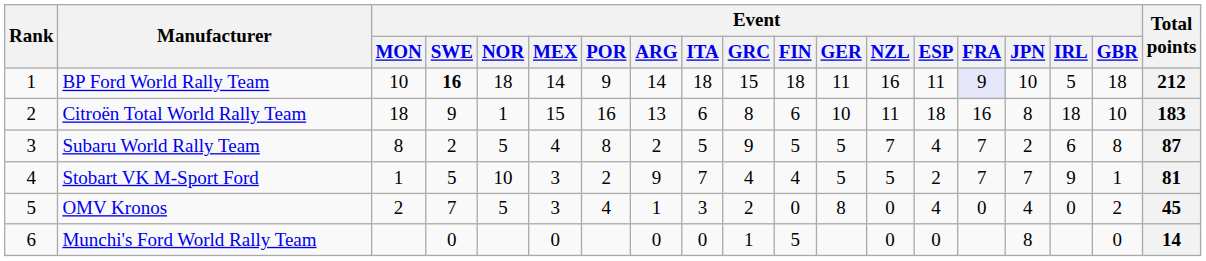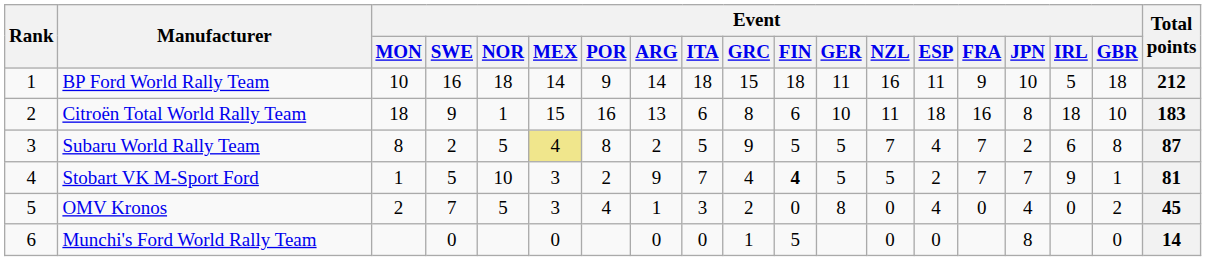 <table class="wikitable" style="text-align:center; font-size:90%;">
 <tr>
 <th rowspan=2>Rank</th>
 <th rowspan=2 style="width:16em">Manufacturer</th>
 <th colspan=16>Event</th>
 <th rowspan=2>Total<br>points</th>
 </tr>
 <tr valign="top">
 <th><a href='#'>MON</a><br></th>
 <th><a href='#'>SWE</a><br></th>
 <th><a href='#'>NOR</a><br></th>
 <th><a href='#'>MEX</a><br></th>
 <th><a href='#'>POR</a><br></th>
 <th><a href='#'>ARG</a><br></th>
 <th><a href='#'>ITA</a><br></th>
 <th><a href='#'>GRC</a><br></th>
 <th><a href='#'>FIN</a><br></th>
 <th><a href='#'>GER</a><br></th>
 <th><a href='#'>NZL</a><br></th>
 <th><a href='#'>ESP</a><br></th>
 <th><a href='#'>FRA</a><br></th>
 <th><a href='#'>JPN</a><br></th>
 <th><a href='#'>IRL</a><br></th>
 <th><a href='#'>GBR</a><br></th>
 </tr>
 <tr>
 <td>1</td>
 <td align=left><a href='#'>BP Ford World Rally Team</a></td>
 <td>10</td>
-<td><strong>16</strong></td>
+<td>16</td>
 <td>18</td>
 <td>14</td>
 <td>9</td>
 <td>14</td>
 <td>18</td>
 <td>15</td>
 <td>18</td>
 <td>11</td>
 <td>16</td>
 <td>11</td>
-<td style="background: lavender;">9</td>
+<td>9</td>
 <td>10</td>
 <td>5</td>
 <td>18</td>
 <th>212</th>
 </tr>
 <tr>
 <td>2</td>
 <td align=left><a href='#'>Citroën Total World Rally Team</a></td>
 <td>18</td>
 <td>9</td>
 <td>1</td>
 <td>15</td>
 <td>16</td>
 <td>13</td>
 <td>6</td>
 <td>8</td>
 <td>6</td>
 <td>10</td>
 <td>11</td>
 <td>18</td>
 <td>16</td>
 <td>8</td>
 <td>18</td>
 <td>10</td>
 <th>183</th>
 </tr>
 <tr>
 <td>3</td>
 <td align=left><a href='#'>Subaru World Rally Team</a></td>
 <td>8</td>
 <td>2</td>
 <td>5</td>
-<td>4</td>
+<td style="background: khaki;">4</td>
 <td>8</td>
 <td>2</td>
 <td>5</td>
 <td>9</td>
 <td>5</td>
 <td>5</td>
 <td>7</td>
 <td>4</td>
 <td>7</td>
 <td>2</td>
 <td>6</td>
 <td>8</td>
 <th>87</th>
 </tr>
 <tr>
 <td>4</td>
 <td align=left><a href='#'>Stobart VK M-Sport Ford</a></td>
 <td>1</td>
 <td>5</td>
 <td>10</td>
 <td>3</td>
 <td>2</td>
 <td>9</td>
 <td>7</td>
 <td>4</td>
-<td>4</td>
+<td><strong>4</strong></td>
 <td>5</td>
 <td>5</td>
 <td>2</td>
 <td>7</td>
 <td>7</td>
 <td>9</td>
 <td>1</td>
 <th>81</th>
 </tr>
 <tr>
 <td>5</td>
 <td align=left><a href='#'>OMV Kronos</a></td>
 <td>2</td>
 <td>7</td>
 <td>5</td>
 <td>3</td>
 <td>4</td>
 <td>1</td>
 <td>3</td>
 <td>2</td>
 <td>0</td>
 <td>8</td>
 <td>0</td>
 <td>4</td>
 <td>0</td>
 <td>4</td>
 <td>0</td>
 <td>2</td>
 <th>45</th>
 </tr>
 <tr>
 <td>6</td>
 <td align="left"><a href='#'>Munchi's Ford World Rally Team</a></td>
 <td></td>
 <td>0</td>
 <td></td>
 <td>0</td>
 <td></td>
 <td>0</td>
 <td>0</td>
 <td>1</td>
 <td>5</td>
 <td></td>
 <td>0</td>
 <td>0</td>
 <td></td>
 <td>8</td>
 <td></td>
 <td>0</td>
 <th>14</th>
 </tr>
 </table>
